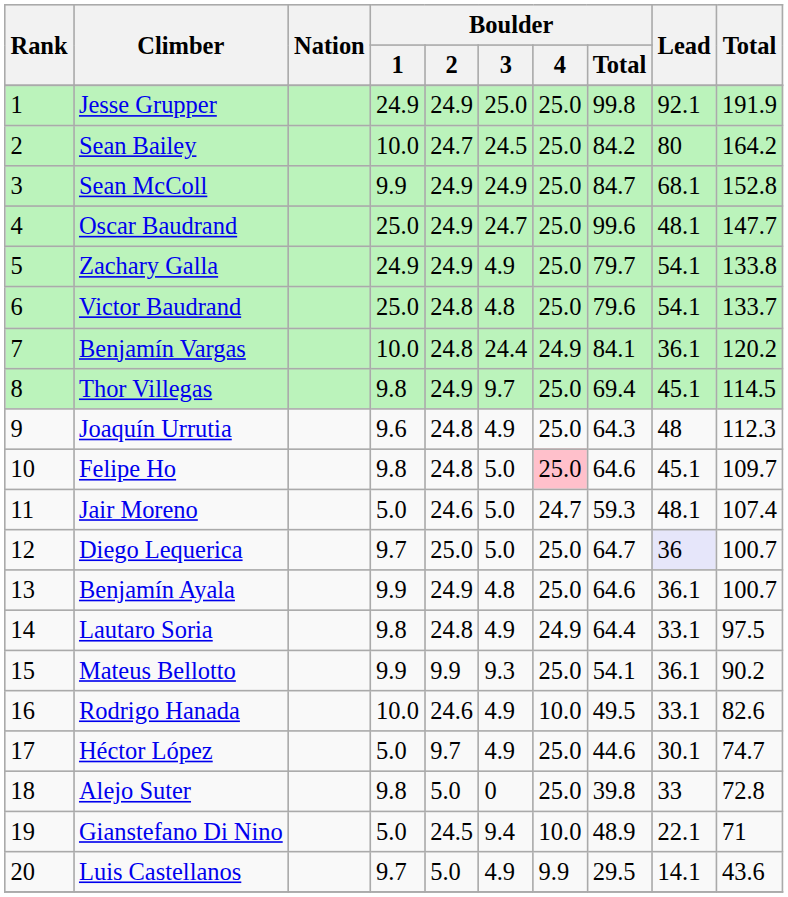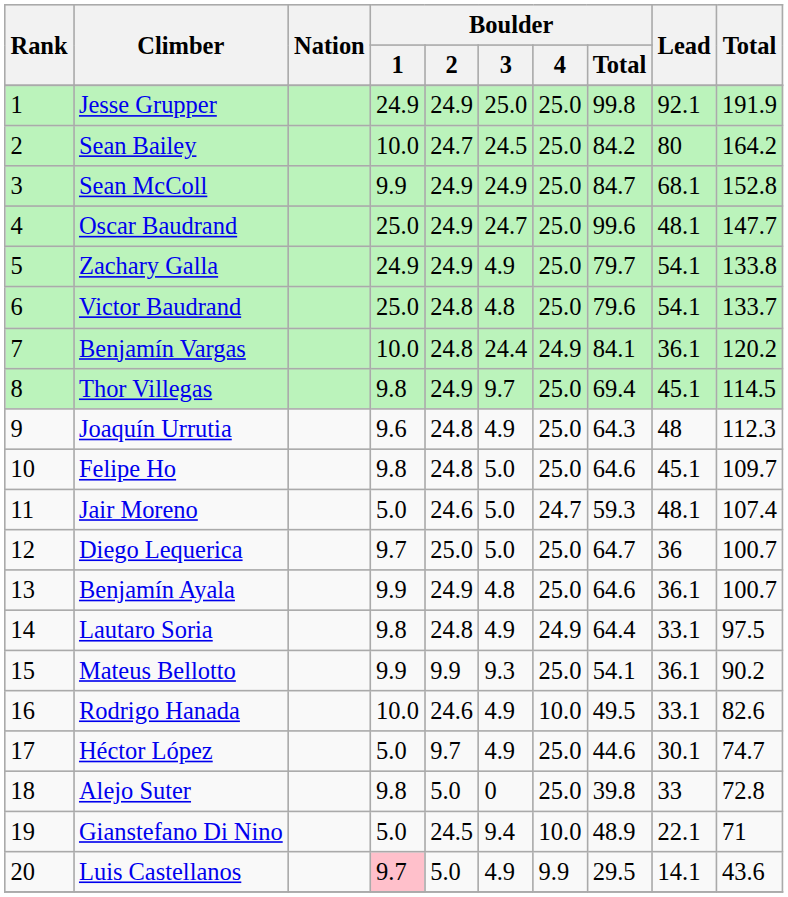 <table class="wikitable sortable" style="font-size:95%" style="width:35em;" style="text-align:center">
 <tr>
 <th rowspan="2">Rank</th>
 <th rowspan="2">Climber</th>
 <th rowspan="2">Nation</th>
 <th colspan="5">Boulder</th>
 <th rowspan="2">Lead</th>
 <th rowspan="2">Total</th>
 </tr>
 <tr>
 <th>1</th>
 <th>2</th>
 <th>3</th>
 <th>4</th>
 <th>Total</th>
 </tr>
 <tr>
 </tr>
 <tr bgcolor="bbf3bb">
 <td>1</td>
 <td align=left><a href='#'>Jesse Grupper</a></td>
 <td align=left></td>
 <td>24.9</td>
 <td>24.9</td>
 <td>25.0</td>
 <td>25.0</td>
 <td>99.8</td>
 <td>92.1</td>
 <td>191.9</td>
 </tr>
 <tr bgcolor="bbf3bb">
 <td>2</td>
 <td align=left><a href='#'>Sean Bailey</a></td>
 <td align=left></td>
 <td>10.0</td>
 <td>24.7</td>
 <td>24.5</td>
 <td>25.0</td>
 <td>84.2</td>
 <td>80</td>
 <td>164.2</td>
 </tr>
 <tr bgcolor="bbf3bb">
 <td>3</td>
 <td align=left><a href='#'>Sean McColl</a></td>
 <td align=left></td>
 <td>9.9</td>
 <td>24.9</td>
 <td>24.9</td>
 <td>25.0</td>
 <td>84.7</td>
 <td>68.1</td>
 <td>152.8</td>
 </tr>
 <tr bgcolor="bbf3bb">
 <td>4</td>
 <td align=left><a href='#'>Oscar Baudrand</a></td>
 <td align=left></td>
 <td>25.0</td>
 <td>24.9</td>
 <td>24.7</td>
 <td>25.0</td>
 <td>99.6</td>
 <td>48.1</td>
 <td>147.7</td>
 </tr>
 <tr bgcolor="bbf3bb">
 <td>5</td>
 <td align=left><a href='#'>Zachary Galla</a></td>
 <td align=left></td>
 <td>24.9</td>
 <td>24.9</td>
 <td>4.9</td>
 <td>25.0</td>
 <td>79.7</td>
 <td>54.1</td>
 <td>133.8</td>
 </tr>
 <tr bgcolor="bbf3bb">
 <td>6</td>
 <td align=left><a href='#'>Victor Baudrand</a></td>
 <td align=left></td>
 <td>25.0</td>
 <td>24.8</td>
 <td>4.8</td>
 <td>25.0</td>
 <td>79.6</td>
 <td>54.1</td>
 <td>133.7</td>
 </tr>
 <tr bgcolor="bbf3bb">
 <td>7</td>
 <td align=left><a href='#'>Benjamín Vargas</a></td>
 <td align=left></td>
 <td>10.0</td>
 <td>24.8</td>
 <td>24.4</td>
 <td>24.9</td>
 <td>84.1</td>
 <td>36.1</td>
 <td>120.2</td>
 </tr>
 <tr bgcolor="bbf3bb">
 <td>8</td>
 <td align=left><a href='#'>Thor Villegas</a></td>
 <td align=left></td>
 <td>9.8</td>
 <td>24.9</td>
 <td>9.7</td>
 <td>25.0</td>
 <td>69.4</td>
 <td>45.1</td>
 <td>114.5</td>
 </tr>
 <tr>
 <td>9</td>
 <td align=left><a href='#'>Joaquín Urrutia</a></td>
 <td align=left></td>
 <td>9.6</td>
 <td>24.8</td>
 <td>4.9</td>
 <td>25.0</td>
 <td>64.3</td>
 <td>48</td>
 <td>112.3</td>
 </tr>
 <tr>
 <td>10</td>
 <td align=left><a href='#'>Felipe Ho</a></td>
 <td align=left></td>
 <td>9.8</td>
 <td>24.8</td>
 <td>5.0</td>
-<td style="background: pink;">25.0</td>
+<td>25.0</td>
 <td>64.6</td>
 <td>45.1</td>
 <td>109.7</td>
 </tr>
 <tr>
 <td>11</td>
 <td align=left><a href='#'>Jair Moreno</a></td>
 <td align=left></td>
 <td>5.0</td>
 <td>24.6</td>
 <td>5.0</td>
 <td>24.7</td>
 <td>59.3</td>
 <td>48.1</td>
 <td>107.4</td>
 </tr>
 <tr>
 <td>12</td>
 <td align=left><a href='#'>Diego Lequerica</a></td>
 <td align=left></td>
 <td>9.7</td>
 <td>25.0</td>
 <td>5.0</td>
 <td>25.0</td>
 <td>64.7</td>
-<td style="background: lavender;">36</td>
+<td>36</td>
 <td>100.7</td>
 </tr>
 <tr>
 <td>13</td>
 <td align=left><a href='#'>Benjamín Ayala</a></td>
 <td align=left></td>
 <td>9.9</td>
 <td>24.9</td>
 <td>4.8</td>
 <td>25.0</td>
 <td>64.6</td>
 <td>36.1</td>
 <td>100.7</td>
 </tr>
 <tr>
 <td>14</td>
 <td align=left><a href='#'>Lautaro Soria</a></td>
 <td align=left></td>
 <td>9.8</td>
 <td>24.8</td>
 <td>4.9</td>
 <td>24.9</td>
 <td>64.4</td>
 <td>33.1</td>
 <td>97.5</td>
 </tr>
 <tr>
 <td>15</td>
 <td align=left><a href='#'>Mateus Bellotto</a></td>
 <td align=left></td>
 <td>9.9</td>
 <td>9.9</td>
 <td>9.3</td>
 <td>25.0</td>
 <td>54.1</td>
 <td>36.1</td>
 <td>90.2</td>
 </tr>
 <tr>
 <td>16</td>
 <td align=left><a href='#'>Rodrigo Hanada</a></td>
 <td align=left></td>
 <td>10.0</td>
 <td>24.6</td>
 <td>4.9</td>
 <td>10.0</td>
 <td>49.5</td>
 <td>33.1</td>
 <td>82.6</td>
 </tr>
 <tr>
 <td>17</td>
 <td align=left><a href='#'>Héctor López</a></td>
 <td align=left></td>
 <td>5.0</td>
 <td>9.7</td>
 <td>4.9</td>
 <td>25.0</td>
 <td>44.6</td>
 <td>30.1</td>
 <td>74.7</td>
 </tr>
 <tr>
 <td>18</td>
 <td align=left><a href='#'>Alejo Suter</a></td>
 <td align=left></td>
 <td>9.8</td>
 <td>5.0</td>
 <td>0</td>
 <td>25.0</td>
 <td>39.8</td>
 <td>33</td>
 <td>72.8</td>
 </tr>
 <tr>
 <td>19</td>
 <td align=left><a href='#'>Gianstefano Di Nino</a></td>
 <td align=left></td>
 <td>5.0</td>
 <td>24.5</td>
 <td>9.4</td>
 <td>10.0</td>
 <td>48.9</td>
 <td>22.1</td>
 <td>71</td>
 </tr>
 <tr>
 <td>20</td>
 <td align=left><a href='#'>Luis Castellanos</a></td>
 <td align=left></td>
-<td>9.7</td>
+<td style="background: pink;">9.7</td>
 <td>5.0</td>
 <td>4.9</td>
 <td>9.9</td>
 <td>29.5</td>
 <td>14.1</td>
 <td>43.6</td>
 </tr>
 <tr>
 </tr>
 </table>
